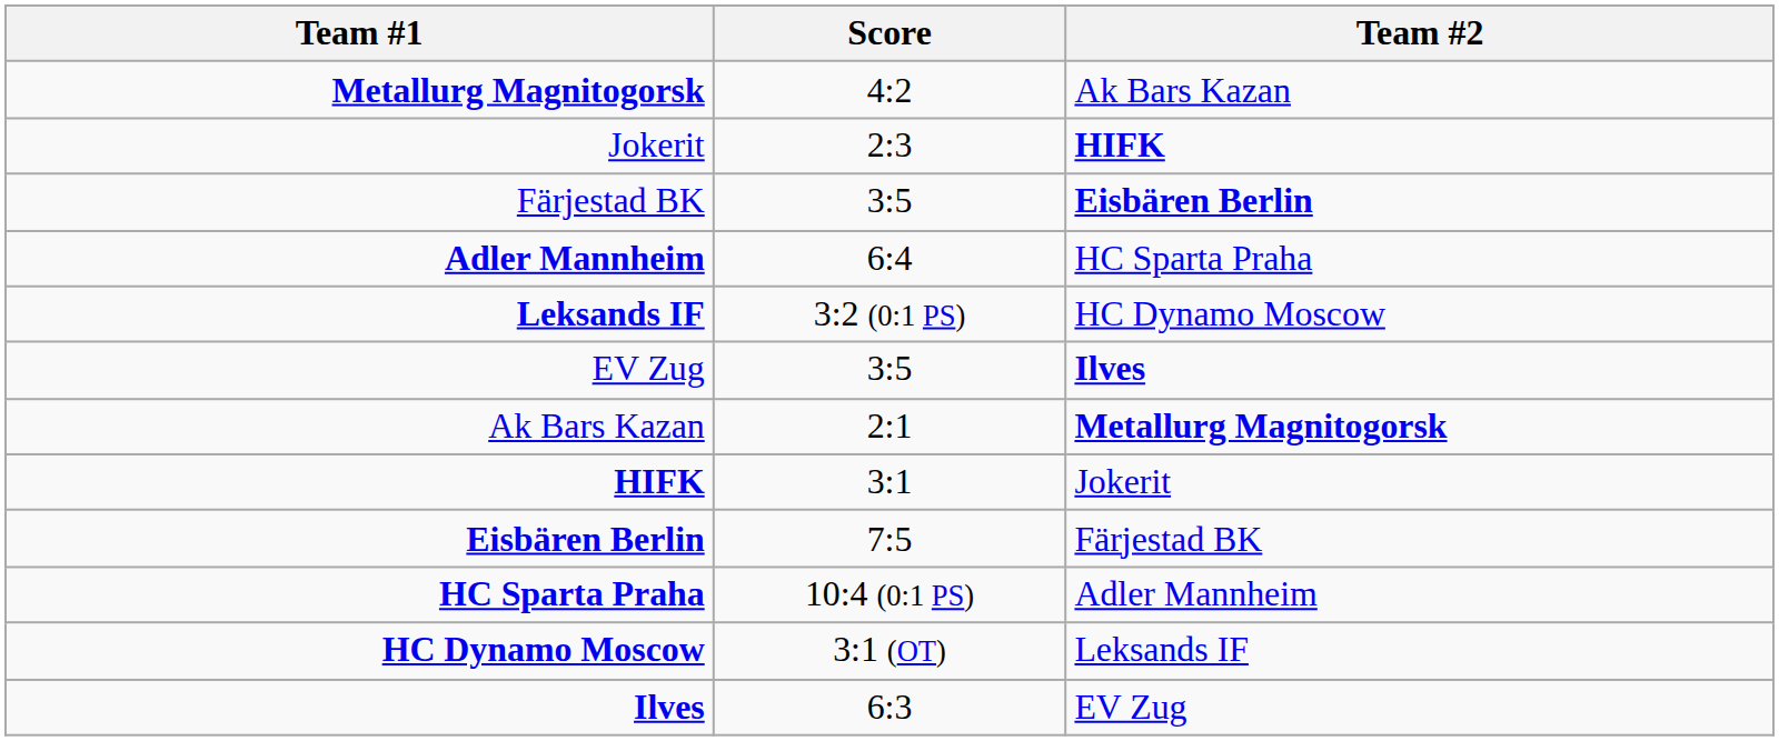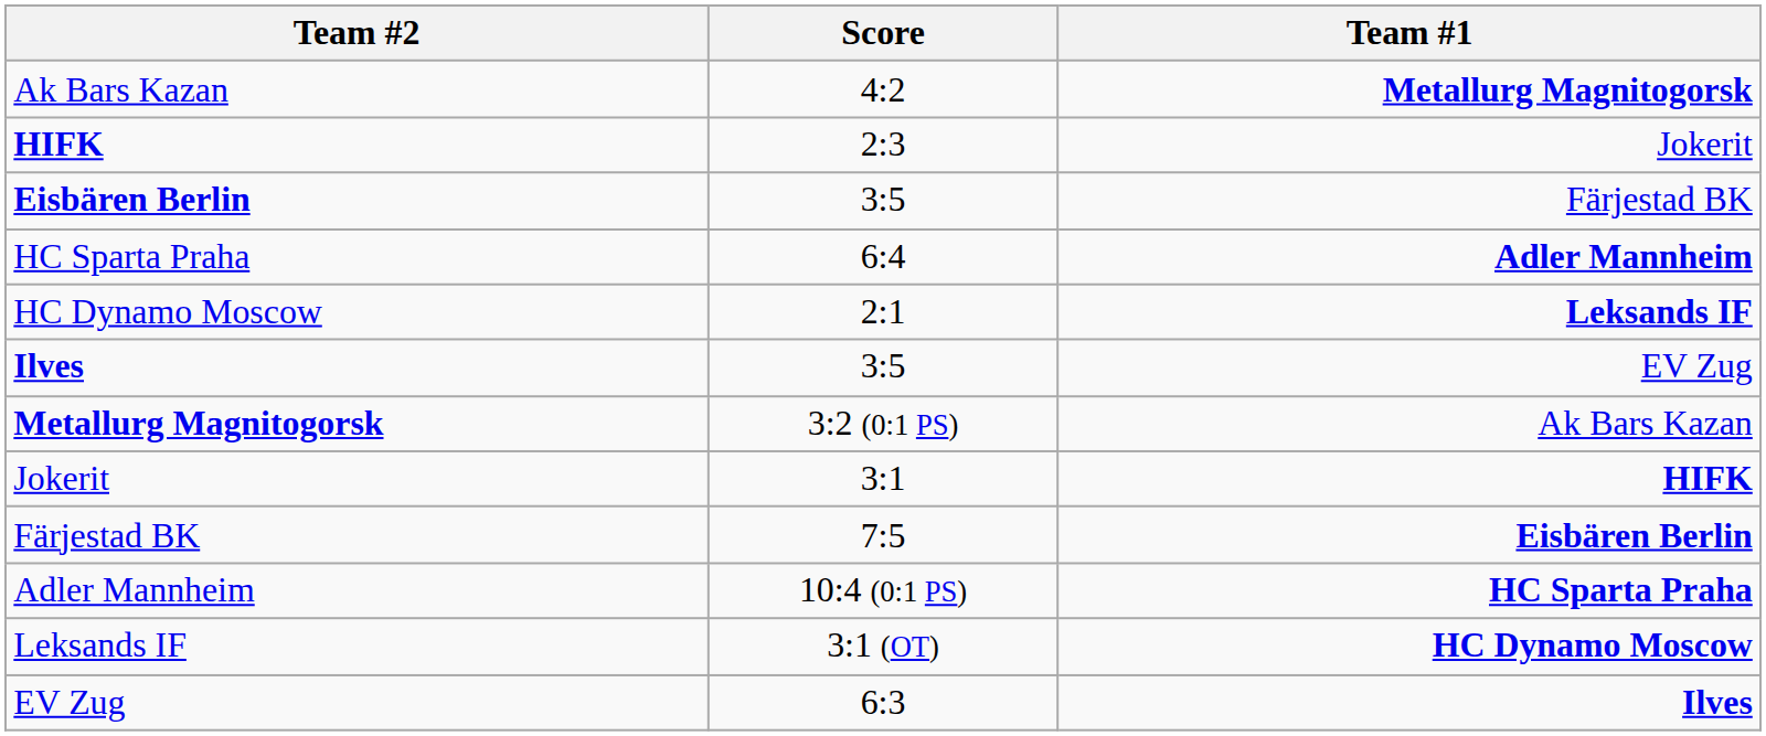 <table class="wikitable" style="text-align: center;">
 <tr>
+<th width=22%>Team #2</th>
+<th width=11%>Score</th>
 <th width=22%>Team #1</th>
-<th width=11%>Score</th>
-<th width=22%>Team #2</th>
 </tr>
 <tr>
+<td style="text-align: left;"> <a href='#'>Ak Bars Kazan</a></td>
+<td>4:2</td>
 <td style="text-align: right;"><strong><a href='#'>Metallurg Magnitogorsk</a></strong> </td>
-<td>4:2</td>
-<td style="text-align: left;"> <a href='#'>Ak Bars Kazan</a></td>
 </tr>
 <tr>
+<td style="text-align: left;"> <strong><a href='#'>HIFK</a></strong></td>
+<td>2:3</td>
 <td style="text-align: right;"><a href='#'>Jokerit</a> </td>
-<td>2:3</td>
-<td style="text-align: left;"> <strong><a href='#'>HIFK</a></strong></td>
 </tr>
 <tr>
+<td style="text-align: left;"> <strong><a href='#'>Eisbären Berlin</a></strong></td>
+<td>3:5</td>
 <td style="text-align: right;"><a href='#'>Färjestad BK</a> </td>
-<td>3:5</td>
-<td style="text-align: left;"> <strong><a href='#'>Eisbären Berlin</a></strong></td>
 </tr>
 <tr>
+<td style="text-align: left;"> <a href='#'>HC Sparta Praha</a></td>
+<td>6:4</td>
 <td style="text-align: right;"><strong><a href='#'>Adler Mannheim</a></strong> </td>
-<td>6:4</td>
-<td style="text-align: left;"> <a href='#'>HC Sparta Praha</a></td>
 </tr>
 <tr>
+<td style="text-align: left;"> <a href='#'>HC Dynamo Moscow</a></td>
+<td>2:1</td>
 <td style="text-align: right;"><strong><a href='#'>Leksands IF</a></strong> </td>
-<td>3:2 <small>(0:1 <a href='#'>PS</a>)</small></td>
-<td style="text-align: left;"> <a href='#'>HC Dynamo Moscow</a></td>
 </tr>
 <tr>
+<td style="text-align: left;"> <strong><a href='#'>Ilves</a></strong></td>
+<td>3:5</td>
 <td style="text-align: right;"><a href='#'>EV Zug</a> </td>
-<td>3:5</td>
-<td style="text-align: left;"> <strong><a href='#'>Ilves</a></strong></td>
 </tr>
 <tr>
+<td style="text-align: left;"> <strong><a href='#'>Metallurg Magnitogorsk</a></strong></td>
+<td>3:2 <small>(0:1 <a href='#'>PS</a>)</small></td>
 <td style="text-align: right;"><a href='#'>Ak Bars Kazan</a> </td>
-<td>2:1</td>
-<td style="text-align: left;"> <strong><a href='#'>Metallurg Magnitogorsk</a></strong></td>
 </tr>
 <tr>
+<td style="text-align: left;"> <a href='#'>Jokerit</a></td>
+<td>3:1</td>
 <td style="text-align: right;"><strong><a href='#'>HIFK</a></strong> </td>
-<td>3:1</td>
-<td style="text-align: left;"> <a href='#'>Jokerit</a></td>
 </tr>
 <tr>
+<td style="text-align: left;"> <a href='#'>Färjestad BK</a></td>
+<td>7:5</td>
 <td style="text-align: right;"><strong><a href='#'>Eisbären Berlin</a></strong> </td>
-<td>7:5</td>
-<td style="text-align: left;"> <a href='#'>Färjestad BK</a></td>
 </tr>
 <tr>
+<td style="text-align: left;"> <a href='#'>Adler Mannheim</a></td>
+<td>10:4 <small>(0:1 <a href='#'>PS</a>)</small></td>
 <td style="text-align: right;"><strong><a href='#'>HC Sparta Praha</a></strong> </td>
-<td>10:4 <small>(0:1 <a href='#'>PS</a>)</small></td>
-<td style="text-align: left;"> <a href='#'>Adler Mannheim</a></td>
 </tr>
 <tr>
+<td style="text-align: left;"> <a href='#'>Leksands IF</a></td>
+<td>3:1 <small>(<a href='#'>OT</a>)</small></td>
 <td style="text-align: right;"><strong><a href='#'>HC Dynamo Moscow</a></strong> </td>
-<td>3:1 <small>(<a href='#'>OT</a>)</small></td>
-<td style="text-align: left;"> <a href='#'>Leksands IF</a></td>
 </tr>
 <tr>
+<td style="text-align: left;"> <a href='#'>EV Zug</a></td>
+<td>6:3</td>
 <td style="text-align: right;"><strong><a href='#'>Ilves</a></strong> </td>
-<td>6:3</td>
-<td style="text-align: left;"> <a href='#'>EV Zug</a></td>
 </tr>
 </table>
